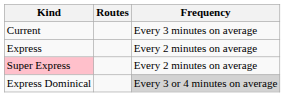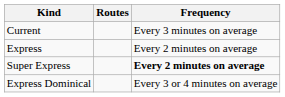 <table class="wikitable" style="margin:1em auto;">
 <tr>
 <th>Kind</th>
 <th>Routes</th>
 <th>Frequency</th>
 </tr>
 <tr>
 <td>Current</td>
 <td>  </td>
 <td>Every 3 minutes on average</td>
 </tr>
 <tr>
 <td>Express</td>
 <td>    </td>
 <td>Every 2 minutes on average</td>
 </tr>
 <tr>
-<td style="background: pink;">Super Express</td>
+<td>Super Express</td>
 <td>   </td>
-<td>Every 2 minutes on average</td>
+<td><strong>Every 2 minutes on average</strong></td>
 </tr>
 <tr>
 <td>Express Dominical</td>
 <td></td>
-<td style="background: lightgrey;">Every 3 or 4 minutes on average</td>
+<td>Every 3 or 4 minutes on average</td>
 </tr>
 </table>
